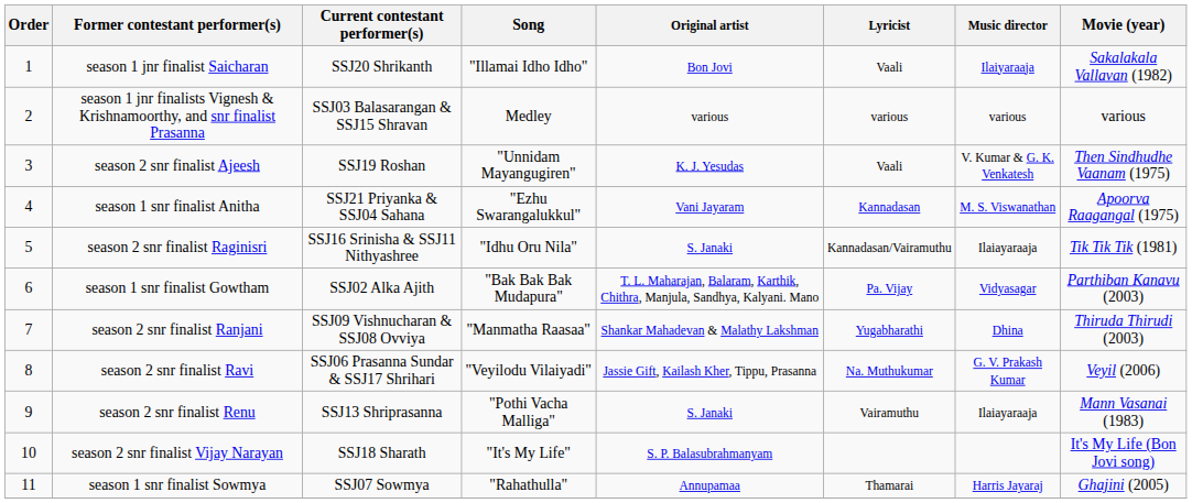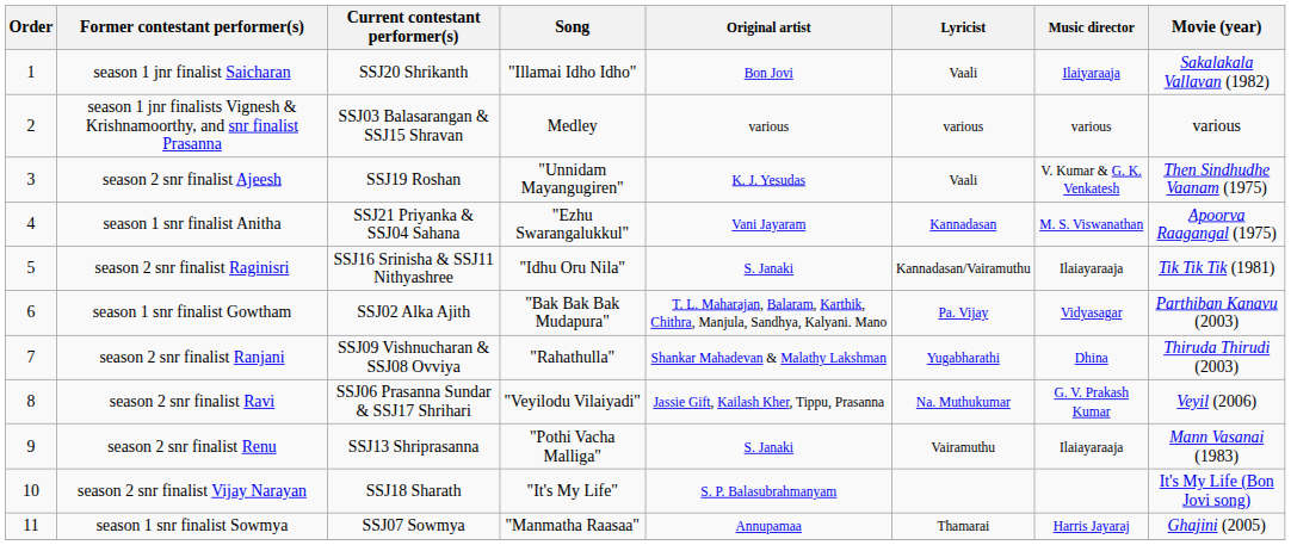 <table class="wikitable sortable sticky-header" style="text-align: center; width: auto;">
 <tr style="background:lightgrey; text-align:center;">
 <th>Order</th>
 <th>Former contestant performer(s)</th>
 <th>Current contestant performer(s)</th>
 <th>Song</th>
 <th><small>Original artist</small></th>
 <th><small>Lyricist</small></th>
 <th><small>Music director</small></th>
 <th>Movie (year)</th>
 </tr>
 <tr>
 <td>1</td>
 <td>season 1 jnr finalist <a href='#'>Saicharan</a></td>
 <td>SSJ20 Shrikanth</td>
 <td>"Illamai Idho Idho"</td>
 <td><small><a href='#'>Bon Jovi</a></small></td>
 <td><small>Vaali</small></td>
 <td><small><a href='#'>Ilaiyaraaja</a></small></td>
 <td><em><a href='#'>Sakalakala Vallavan</a></em> (1982)</td>
 </tr>
 <tr>
 <td>2</td>
 <td>season 1 jnr finalists Vignesh & Krishnamoorthy, and <a href='#'>snr finalist Prasanna</a></td>
 <td>SSJ03 Balasarangan & SSJ15 Shravan</td>
 <td>Medley</td>
 <td><small>various</small></td>
 <td><small>various</small></td>
 <td><small>various</small></td>
 <td>various</td>
 </tr>
 <tr>
 <td>3</td>
 <td>season 2 snr finalist <a href='#'>Ajeesh</a></td>
 <td>SSJ19 Roshan</td>
 <td>"Unnidam Mayangugiren"</td>
 <td><small><a href='#'>K. J. Yesudas</a></small></td>
 <td><small>Vaali</small></td>
 <td><small>V. Kumar & <a href='#'>G. K. Venkatesh</a></small></td>
 <td><em><a href='#'>Then Sindhudhe Vaanam</a></em> (1975)</td>
 </tr>
 <tr>
 <td>4</td>
 <td>season 1 snr finalist Anitha</td>
 <td>SSJ21 Priyanka & SSJ04 Sahana</td>
 <td>"Ezhu Swarangalukkul"</td>
 <td><small><a href='#'>Vani Jayaram</a></small></td>
 <td><small><a href='#'>Kannadasan</a></small></td>
 <td><small><a href='#'>M. S. Viswanathan</a></small></td>
 <td><em><a href='#'>Apoorva Raagangal</a></em> (1975)</td>
 </tr>
 <tr>
 <td>5</td>
 <td>season 2 snr finalist <a href='#'>Raginisri</a></td>
 <td>SSJ16 Srinisha & SSJ11 Nithyashree</td>
 <td>"Idhu Oru Nila"</td>
 <td><small><a href='#'>S. Janaki</a></small></td>
 <td><small>Kannadasan/Vairamuthu</small></td>
 <td><small>Ilaiayaraaja</small></td>
 <td><em><a href='#'>Tik Tik Tik</a></em> (1981)</td>
 </tr>
 <tr>
 <td>6</td>
 <td>season 1 snr finalist Gowtham</td>
 <td>SSJ02 Alka Ajith</td>
 <td>"Bak Bak Bak Mudapura"</td>
 <td><small><a href='#'>T. L. Maharajan</a>, <a href='#'>Balaram</a>, <a href='#'>Karthik</a>, <a href='#'>Chithra</a>, Manjula, Sandhya, Kalyani. Mano</small></td>
 <td><small><a href='#'>Pa. Vijay</a></small></td>
 <td><small><a href='#'>Vidyasagar</a></small></td>
 <td><em><a href='#'>Parthiban Kanavu</a></em> (2003)</td>
 </tr>
 <tr>
 <td>7</td>
 <td>season 2 snr finalist <a href='#'>Ranjani</a></td>
 <td>SSJ09 Vishnucharan & SSJ08 Ovviya</td>
-<td>"Manmatha Raasaa"</td>
+<td>"Rahathulla"</td>
 <td><small><a href='#'>Shankar Mahadevan</a> & <a href='#'>Malathy Lakshman</a> 	</small></td>
 <td><small><a href='#'>Yugabharathi</a></small></td>
 <td><small><a href='#'>Dhina</a></small></td>
 <td><em><a href='#'>Thiruda Thirudi</a></em> (2003)</td>
 </tr>
 <tr>
 <td>8</td>
 <td>season 2 snr finalist <a href='#'>Ravi</a></td>
 <td>SSJ06 Prasanna Sundar & SSJ17 Shrihari</td>
 <td>"Veyilodu Vilaiyadi"</td>
 <td><small><a href='#'>Jassie Gift</a>, <a href='#'>Kailash Kher</a>, Tippu, Prasanna</small></td>
 <td><small><a href='#'>Na. Muthukumar</a></small></td>
 <td><small><a href='#'>G. V. Prakash Kumar</a></small></td>
 <td><em><a href='#'>Veyil</a></em> (2006)</td>
 </tr>
 <tr>
 <td>9</td>
 <td>season 2 snr finalist <a href='#'>Renu</a></td>
 <td>SSJ13 Shriprasanna</td>
 <td>"Pothi Vacha Malliga"</td>
 <td><small><a href='#'>S. Janaki</a></small></td>
 <td><small>Vairamuthu</small></td>
 <td><small>Ilaiayaraaja</small></td>
 <td><em><a href='#'>Mann Vasanai</a></em> (1983)</td>
 </tr>
 <tr>
 <td>10</td>
 <td>season 2 snr finalist <a href='#'>Vijay Narayan</a></td>
 <td>SSJ18 Sharath</td>
 <td>"It's My Life"</td>
 <td><small><a href='#'>S. P. Balasubrahmanyam</a></small></td>
 <td></td>
 <td></td>
 <td><a href='#'>It's My Life (Bon Jovi song)</a></td>
 </tr>
 <tr>
 <td>11</td>
 <td>season 1 snr finalist Sowmya</td>
 <td>SSJ07 Sowmya</td>
-<td>"Rahathulla"</td>
+<td>"Manmatha Raasaa"</td>
 <td><small><a href='#'>Annupamaa</a></small></td>
 <td><small>Thamarai</small></td>
 <td><small><a href='#'>Harris Jayaraj</a></small></td>
 <td><em><a href='#'>Ghajini</a></em> (2005)</td>
 </tr>
 <tr>
 </tr>
 </table>
